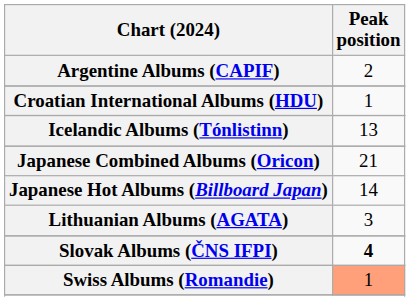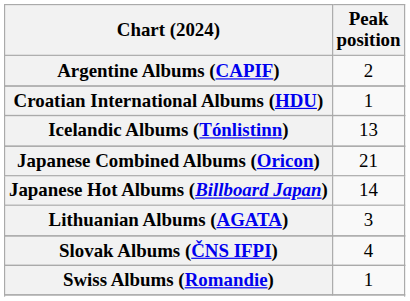 <table class="wikitable sortable plainrowheaders" style="text-align:center">
 <tr>
 <th scope="col">Chart (2024)</th>
 <th scope="col">Peak<br>position</th>
 </tr>
 <tr>
 <th scope="row">Argentine Albums (<a href='#'>CAPIF</a>)</th>
 <td>2</td>
 </tr>
 <tr>
 </tr>
 <tr>
 </tr>
 <tr>
 </tr>
 <tr>
 </tr>
 <tr>
 </tr>
 <tr>
 <th scope="row">Croatian International Albums (<a href='#'>HDU</a>)</th>
 <td>1</td>
 </tr>
 <tr>
 </tr>
 <tr>
 </tr>
 <tr>
 </tr>
 <tr>
 </tr>
 <tr>
 </tr>
 <tr>
 </tr>
 <tr>
 </tr>
 <tr>
 <th scope="row">Icelandic Albums (<a href='#'>Tónlistinn</a>)</th>
 <td>13</td>
 </tr>
 <tr>
 </tr>
 <tr>
 </tr>
 <tr>
 </tr>
 <tr>
 <th scope="row">Japanese Combined Albums (<a href='#'>Oricon</a>)</th>
 <td>21</td>
 </tr>
 <tr>
 <th scope="row">Japanese Hot Albums (<em><a href='#'>Billboard Japan</a></em>)</th>
 <td>14</td>
 </tr>
 <tr>
 <th scope="row">Lithuanian Albums (<a href='#'>AGATA</a>)</th>
 <td>3</td>
 </tr>
 <tr>
 </tr>
 <tr>
 </tr>
 <tr>
 </tr>
 <tr>
 </tr>
 <tr>
 </tr>
 <tr>
 <th scope="row">Slovak Albums (<a href='#'>ČNS IFPI</a>)</th>
-<td><strong>4</strong></td>
+<td>4</td>
 </tr>
 <tr>
 </tr>
 <tr>
 </tr>
 <tr>
 </tr>
 <tr>
 <th scope="row">Swiss Albums (<a href='#'>Romandie</a>)</th>
-<td style="background: lightsalmon;">1</td>
+<td>1</td>
 </tr>
 <tr>
 </tr>
 <tr>
 </tr>
 </table>
